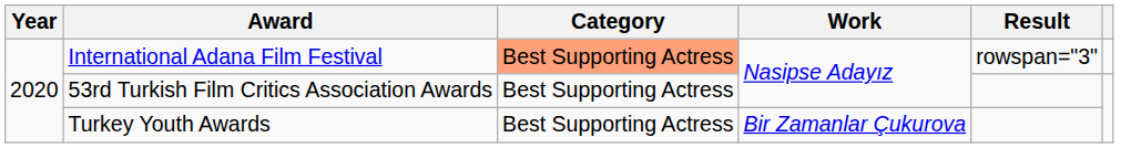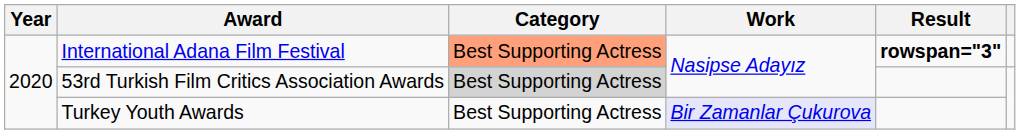 <table class="wikitable">
 <tr>
 <th>Year</th>
 <th>Award</th>
 <th>Category</th>
 <th>Work</th>
 <th>Result</th>
 <th></th>
 </tr>
 <tr>
 <td rowspan="3">2020</td>
 <td><a href='#'>International Adana Film Festival</a></td>
 <td style="background: lightsalmon;">Best Supporting Actress</td>
 <td rowspan="2"><em><a href='#'>Nasipse Adayız</a></em></td>
-<td>rowspan="3" </td>
+<td><strong>rowspan="3" </strong></td>
 <td></td>
 </tr>
 <tr>
 <td>53rd Turkish Film Critics Association Awards</td>
-<td>Best Supporting Actress</td>
+<td style="background: lightgrey;">Best Supporting Actress</td>
 <td></td>
 </tr>
 <tr>
 <td>Turkey Youth Awards</td>
 <td>Best Supporting Actress</td>
-<td><em><a href='#'>Bir Zamanlar Çukurova</a></em></td>
+<td style="background: lavender;"><em><a href='#'>Bir Zamanlar Çukurova</a></em></td>
 <td></td>
 </tr>
 </table>
